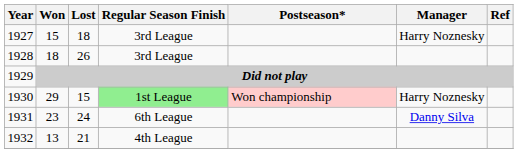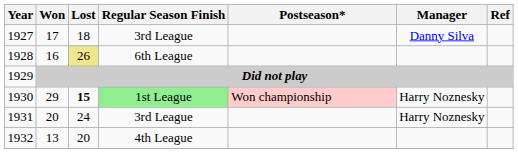 <table class="wikitable" style="text-align:center">
 <tr>
 <th>Year</th>
 <th>Won</th>
 <th>Lost</th>
 <th>Regular Season Finish</th>
 <th scope="col" style="width: 200px; ">Postseason*</th>
 <th>Manager</th>
 <th>Ref</th>
 </tr>
 <tr>
 <td>1927</td>
-<td>15</td>
+<td>17</td>
 <td>18</td>
 <td>3rd League</td>
 <td></td>
-<td>Harry Noznesky</td>
+<td><a href='#'>Danny Silva</a></td>
 <td></td>
 </tr>
 <tr>
 <td>1928</td>
-<td>18</td>
-<td>26</td>
-<td>3rd League</td>
+<td>16</td>
+<td style="background: khaki;">26</td>
+<td>6th League</td>
 <td></td>
 <td></td>
 <td></td>
 </tr>
 <tr>
 <td>1929</td>
 <td colspan="6" align="center" bgcolor=#cccccc><strong><em>Did not play</em></strong></td>
 </tr>
 <tr>
 <td>1930</td>
 <td>29</td>
-<td>15</td>
+<td><strong>15</strong></td>
 <td style="background: lightgreen;">1st League</td>
 <td style="text-align:left" bgcolor=#ffcccc>Won championship</td>
 <td>Harry Noznesky</td>
 <td></td>
 </tr>
 <tr>
 <td>1931</td>
-<td>23</td>
+<td>20</td>
 <td>24</td>
-<td>6th League</td>
+<td>3rd League</td>
 <td></td>
-<td><a href='#'>Danny Silva</a></td>
+<td>Harry Noznesky</td>
 <td></td>
 </tr>
 <tr>
 <td>1932</td>
 <td>13</td>
-<td>21</td>
+<td>20</td>
 <td>4th League</td>
 <td></td>
 <td></td>
 <td></td>
 </tr>
 <tr>
 </tr>
 </table>
